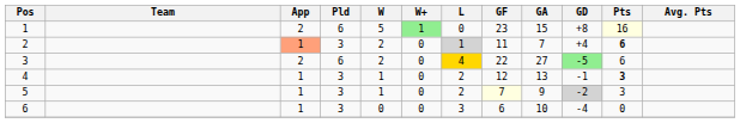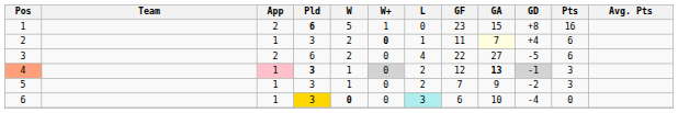 <table class="wikitable sortable" width=72% style="text-align:center; font-size: 95%">
 <tr>
 <th width=25>Pos</th>
 <th width=175>Team</th>
 <th width=25>App</th>
 <th width=25>Pld</th>
 <th width=25>W</th>
 <th width=25>W+</th>
 <th width=25>L</th>
 <th width=25>GF</th>
 <th width=25>GA</th>
 <th width=25>GD</th>
 <th width=25>Pts</th>
 <th width=65>Avg. Pts</th>
 </tr>
 <tr>
 <td>1</td>
 <td style="text-align:left;"></td>
 <td>2</td>
-<td>6</td>
+<td><strong>6</strong></td>
 <td>5</td>
-<td style="background: lightgreen;">1</td>
+<td>1</td>
 <td>0</td>
 <td>23</td>
 <td>15</td>
 <td>+8</td>
-<td style="background: lightyellow;">16</td>
+<td>16</td>
 <td></td>
 </tr>
 <tr>
 <td>2</td>
 <td style="text-align:left;"></td>
-<td style="background: lightsalmon;">1</td>
+<td>1</td>
 <td>3</td>
 <td>2</td>
-<td>0</td>
-<td style="background: lightgrey;">1</td>
+<td><strong>0</strong></td>
+<td>1</td>
 <td>11</td>
-<td>7</td>
+<td style="background: lightyellow;">7</td>
 <td>+4</td>
-<td><strong>6</strong></td>
+<td>6</td>
 <td></td>
 </tr>
 <tr>
 <td>3</td>
 <td style="text-align:left;"></td>
 <td>2</td>
 <td>6</td>
 <td>2</td>
 <td>0</td>
-<td style="background: gold;">4</td>
+<td>4</td>
 <td>22</td>
 <td>27</td>
-<td style="background: lightgreen;">-5</td>
+<td>-5</td>
 <td>6</td>
 <td></td>
 </tr>
 <tr>
-<td>4</td>
+<td style="background: lightsalmon;">4</td>
 <td style="text-align:left;"></td>
+<td style="background: pink;">1</td>
+<td><strong>3</strong></td>
 <td>1</td>
-<td>3</td>
-<td>1</td>
-<td>0</td>
+<td style="background: lightgrey;">0</td>
 <td>2</td>
 <td>12</td>
-<td>13</td>
-<td>-1</td>
-<td><strong>3</strong></td>
+<td><strong>13</strong></td>
+<td style="background: lightgrey;">-1</td>
+<td>3</td>
 <td></td>
 </tr>
 <tr>
 <td>5</td>
 <td style="text-align:left;"></td>
 <td>1</td>
 <td>3</td>
 <td>1</td>
 <td>0</td>
 <td>2</td>
-<td style="background: lightyellow;">7</td>
+<td>7</td>
 <td>9</td>
-<td style="background: lightgrey;">-2</td>
+<td>-2</td>
 <td>3</td>
 <td></td>
 </tr>
 <tr>
 <td>6</td>
 <td style="text-align:left;"></td>
 <td>1</td>
-<td>3</td>
+<td style="background: gold;">3</td>
+<td><strong>0</strong></td>
 <td>0</td>
-<td>0</td>
-<td>3</td>
+<td style="background: paleturquoise;">3</td>
 <td>6</td>
 <td>10</td>
 <td>-4</td>
 <td>0</td>
 <td></td>
 </tr>
 <tr>
 </tr>
 </table>
